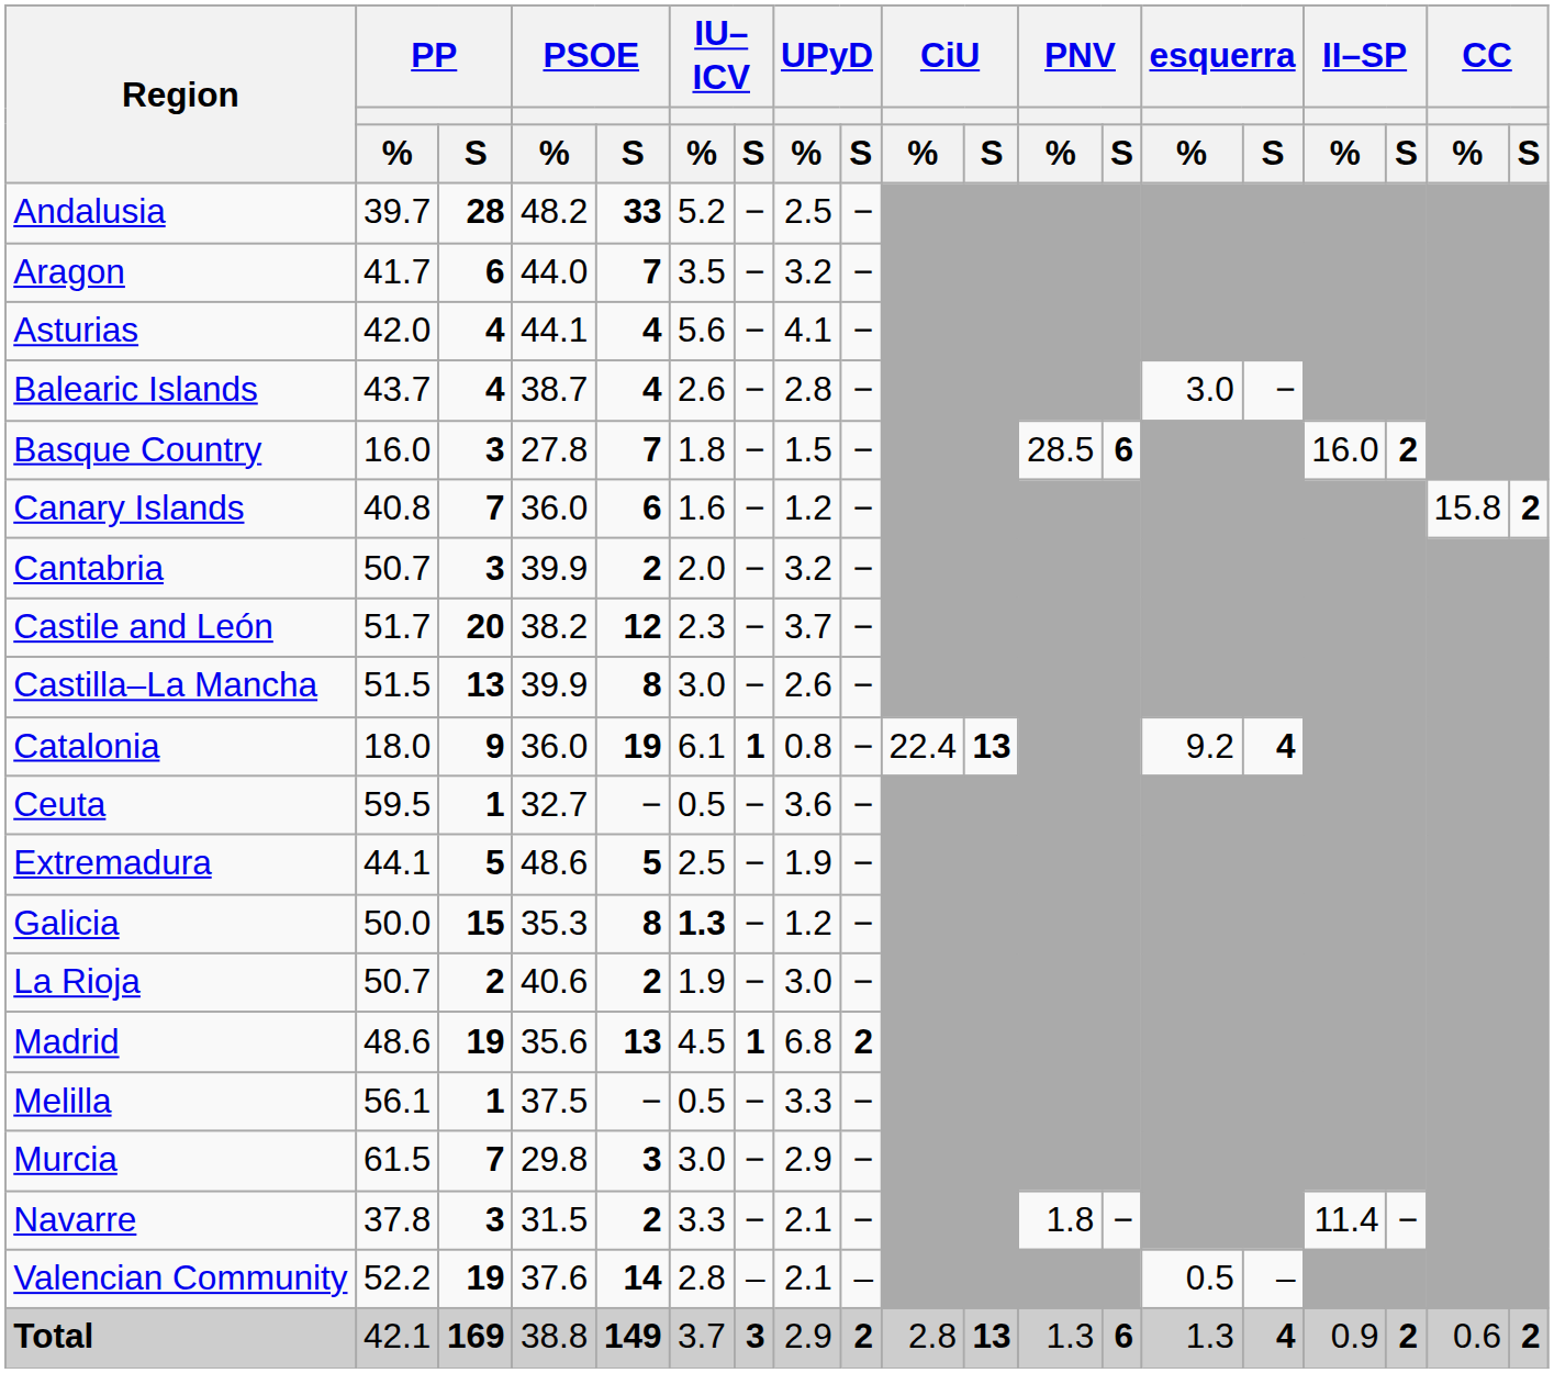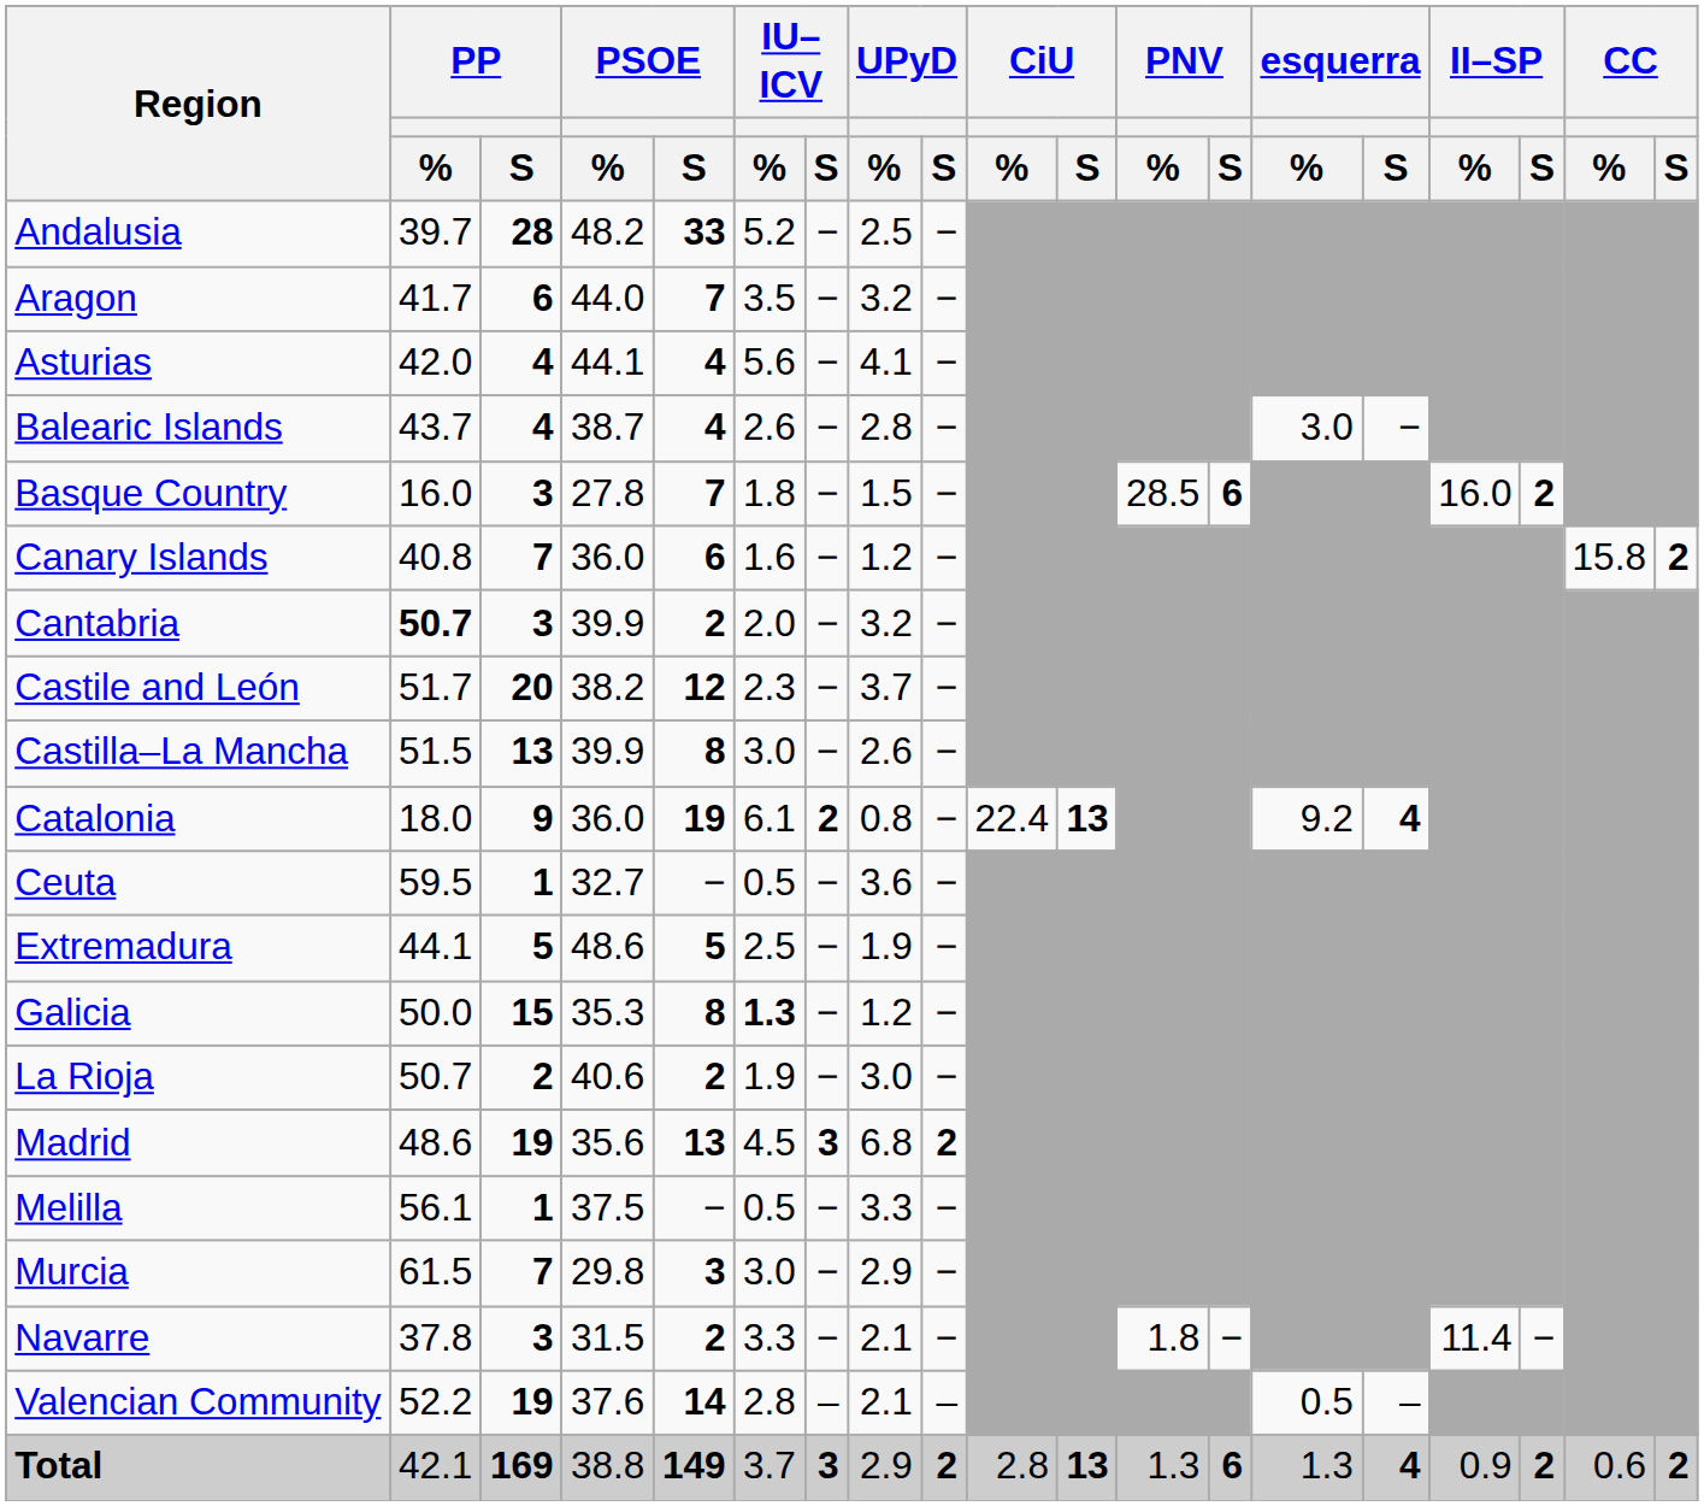 <table class="wikitable sortable" style="text-align:right; line-height:20px">
 <tr>
 <th rowspan="3">Region</th>
 <th colspan="2" width="30px" class="unsortable"><a href='#'>PP</a></th>
 <th colspan="2" width="30px" class="unsortable"><a href='#'>PSOE</a></th>
 <th colspan="2" width="30px" class="unsortable"><a href='#'>IU–ICV</a></th>
 <th colspan="2" width="30px" class="unsortable"><a href='#'>UPyD</a></th>
 <th colspan="2" width="30px" class="unsortable"><a href='#'>CiU</a></th>
 <th colspan="2" width="30px" class="unsortable"><a href='#'>PNV</a></th>
 <th colspan="2" width="30px" class="unsortable"><a href='#'>esquerra</a></th>
 <th colspan="2" width="30px" class="unsortable"><a href='#'>II–SP</a></th>
 <th colspan="2" width="30px" class="unsortable"><a href='#'>CC</a></th>
 </tr>
 <tr>
 <th colspan="2" style="background:"></th>
 <th colspan="2" style="background:"></th>
 <th colspan="2" style="background:"></th>
 <th colspan="2" style="background:"></th>
 <th colspan="2" style="background:"></th>
 <th colspan="2" style="background:"></th>
 <th colspan="2" style="background:"></th>
 <th colspan="2" style="background:"></th>
 <th colspan="2" style="background:"></th>
 </tr>
 <tr>
 <th data-sort-type="number">%</th>
 <th data-sort-type="number">S</th>
 <th data-sort-type="number">%</th>
 <th data-sort-type="number">S</th>
 <th data-sort-type="number">%</th>
 <th data-sort-type="number">S</th>
 <th data-sort-type="number">%</th>
 <th data-sort-type="number">S</th>
 <th data-sort-type="number">%</th>
 <th data-sort-type="number">S</th>
 <th data-sort-type="number">%</th>
 <th data-sort-type="number">S</th>
 <th data-sort-type="number">%</th>
 <th data-sort-type="number">S</th>
 <th data-sort-type="number">%</th>
 <th data-sort-type="number">S</th>
 <th data-sort-type="number">%</th>
 <th data-sort-type="number">S</th>
 </tr>
 <tr>
 <td align="left"><a href='#'>Andalusia</a></td>
 <td>39.7</td>
 <td><strong>28</strong></td>
 <td style="background:">48.2</td>
 <td><strong>33</strong></td>
 <td>5.2</td>
 <td>−</td>
 <td>2.5</td>
 <td>−</td>
 <td colspan="2" rowspan="9" bgcolor="#AAAAAA"></td>
 <td colspan="2" rowspan="4" bgcolor="#AAAAAA"></td>
 <td colspan="2" rowspan="3" bgcolor="#AAAAAA"></td>
 <td colspan="2" rowspan="4" bgcolor="#AAAAAA"></td>
 <td colspan="2" rowspan="5" bgcolor="#AAAAAA"></td>
 </tr>
 <tr>
 <td align="left"><a href='#'>Aragon</a></td>
 <td>41.7</td>
 <td><strong>6</strong></td>
 <td style="background:">44.0</td>
 <td><strong>7</strong></td>
 <td>3.5</td>
 <td>−</td>
 <td>3.2</td>
 <td>−</td>
 </tr>
 <tr>
 <td align="left"><a href='#'>Asturias</a></td>
 <td>42.0</td>
 <td><strong>4</strong></td>
 <td style="background:">44.1</td>
 <td><strong>4</strong></td>
 <td>5.6</td>
 <td>−</td>
 <td>4.1</td>
 <td>−</td>
 </tr>
 <tr>
 <td align="left"><a href='#'>Balearic Islands</a></td>
 <td style="background:">43.7</td>
 <td><strong>4</strong></td>
 <td>38.7</td>
 <td><strong>4</strong></td>
 <td>2.6</td>
 <td>−</td>
 <td>2.8</td>
 <td>−</td>
 <td>3.0</td>
 <td>−</td>
 </tr>
 <tr>
 <td align="left"><a href='#'>Basque Country</a></td>
 <td>16.0</td>
 <td><strong>3</strong></td>
 <td>27.8</td>
 <td><strong>7</strong></td>
 <td>1.8</td>
 <td>−</td>
 <td>1.5</td>
 <td>−</td>
 <td style="background:">28.5</td>
 <td><strong>6</strong></td>
 <td colspan="2" rowspan="5" bgcolor="#AAAAAA"></td>
 <td>16.0</td>
 <td><strong>2</strong></td>
 </tr>
 <tr>
 <td align="left"><a href='#'>Canary Islands</a></td>
 <td style="background:">40.8</td>
 <td><strong>7</strong></td>
 <td>36.0</td>
 <td><strong>6</strong></td>
 <td>1.6</td>
 <td>−</td>
 <td>1.2</td>
 <td>−</td>
 <td colspan="2" rowspan="12" bgcolor="#AAAAAA"></td>
 <td colspan="2" rowspan="12" bgcolor="#AAAAAA"></td>
 <td>15.8</td>
 <td><strong>2</strong></td>
 </tr>
 <tr>
 <td align="left"><a href='#'>Cantabria</a></td>
-<td style="background:">50.7</td>
+<td style="background:"><strong>50.7</strong></td>
 <td><strong>3</strong></td>
 <td>39.9</td>
 <td><strong>2</strong></td>
 <td>2.0</td>
 <td>−</td>
 <td>3.2</td>
 <td>−</td>
 <td colspan="2" rowspan="13" bgcolor="#AAAAAA"></td>
 </tr>
 <tr>
 <td align="left"><a href='#'>Castile and León</a></td>
 <td style="background:">51.7</td>
 <td><strong>20</strong></td>
 <td>38.2</td>
 <td><strong>12</strong></td>
 <td>2.3</td>
 <td>−</td>
 <td>3.7</td>
 <td>−</td>
 </tr>
 <tr>
 <td align="left"><a href='#'>Castilla–La Mancha</a></td>
 <td style="background:">51.5</td>
 <td><strong>13</strong></td>
 <td>39.9</td>
 <td><strong>8</strong></td>
 <td>3.0</td>
 <td>−</td>
 <td>2.6</td>
 <td>−</td>
 </tr>
 <tr>
 <td align="left"><a href='#'>Catalonia</a></td>
 <td>18.0</td>
 <td><strong>9</strong></td>
 <td style="background:">36.0</td>
 <td><strong>19</strong></td>
 <td>6.1</td>
-<td><strong>1</strong></td>
+<td><strong>2</strong></td>
 <td>0.8</td>
 <td>−</td>
 <td>22.4</td>
 <td><strong>13</strong></td>
 <td>9.2</td>
 <td><strong>4</strong></td>
 </tr>
 <tr>
 <td align="left"><a href='#'>Ceuta</a></td>
 <td style="background:">59.5</td>
 <td><strong>1</strong></td>
 <td>32.7</td>
 <td>−</td>
 <td>0.5</td>
 <td>−</td>
 <td>3.6</td>
 <td>−</td>
 <td colspan="2" rowspan="9" bgcolor="#AAAAAA"></td>
 <td colspan="2" rowspan="8" bgcolor="#AAAAAA"></td>
 </tr>
 <tr>
 <td align="left"><a href='#'>Extremadura</a></td>
 <td>44.1</td>
 <td><strong>5</strong></td>
 <td style="background:">48.6</td>
 <td><strong>5</strong></td>
 <td>2.5</td>
 <td>−</td>
 <td>1.9</td>
 <td>−</td>
 </tr>
 <tr>
 <td align="left"><a href='#'>Galicia</a></td>
 <td style="background:">50.0</td>
 <td><strong>15</strong></td>
 <td>35.3</td>
 <td><strong>8</strong></td>
 <td><strong>1.3</strong></td>
 <td>−</td>
 <td>1.2</td>
 <td>−</td>
 </tr>
 <tr>
 <td align="left"><a href='#'>La Rioja</a></td>
 <td style="background:">50.7</td>
 <td><strong>2</strong></td>
 <td>40.6</td>
 <td><strong>2</strong></td>
 <td>1.9</td>
 <td>−</td>
 <td>3.0</td>
 <td>−</td>
 </tr>
 <tr>
 <td align="left"><a href='#'>Madrid</a></td>
 <td style="background:">48.6</td>
 <td><strong>19</strong></td>
 <td>35.6</td>
 <td><strong>13</strong></td>
 <td>4.5</td>
-<td><strong>1</strong></td>
+<td><strong>3</strong></td>
 <td>6.8</td>
 <td><strong>2</strong></td>
 </tr>
 <tr>
 <td align="left"><a href='#'>Melilla</a></td>
 <td style="background:">56.1</td>
 <td><strong>1</strong></td>
 <td>37.5</td>
 <td>−</td>
 <td>0.5</td>
 <td>−</td>
 <td>3.3</td>
 <td>−</td>
 </tr>
 <tr>
 <td align="left"><a href='#'>Murcia</a></td>
 <td style="background:">61.5</td>
 <td><strong>7</strong></td>
 <td>29.8</td>
 <td><strong>3</strong></td>
 <td>3.0</td>
 <td>−</td>
 <td>2.9</td>
 <td>−</td>
 </tr>
 <tr>
 <td align="left"><a href='#'>Navarre</a></td>
 <td style="background:">37.8</td>
 <td><strong>3</strong></td>
 <td>31.5</td>
 <td><strong>2</strong></td>
 <td>3.3</td>
 <td>−</td>
 <td>2.1</td>
 <td>−</td>
 <td>1.8</td>
 <td>−</td>
 <td>11.4</td>
 <td>−</td>
 </tr>
 <tr>
 <td align="left"><a href='#'>Valencian Community</a></td>
 <td style="background:">52.2</td>
 <td><strong>19</strong></td>
 <td>37.6</td>
 <td><strong>14</strong></td>
 <td>2.8</td>
 <td>–</td>
 <td>2.1</td>
 <td>–</td>
 <td colspan="2" bgcolor="#AAAAAA"></td>
 <td>0.5</td>
 <td>–</td>
 <td colspan="2" bgcolor="#AAAAAA"></td>
 </tr>
 <tr style="background:#CDCDCD;">
 <td align="left"><strong>Total</strong></td>
 <td style="background:">42.1</td>
 <td><strong>169</strong></td>
 <td>38.8</td>
 <td><strong>149</strong></td>
 <td>3.7</td>
 <td><strong>3</strong></td>
 <td>2.9</td>
 <td><strong>2</strong></td>
 <td>2.8</td>
 <td><strong>13</strong></td>
 <td>1.3</td>
 <td><strong>6</strong></td>
 <td>1.3</td>
 <td><strong>4</strong></td>
 <td>0.9</td>
 <td><strong>2</strong></td>
 <td>0.6</td>
 <td><strong>2</strong></td>
 </tr>
 </table>
